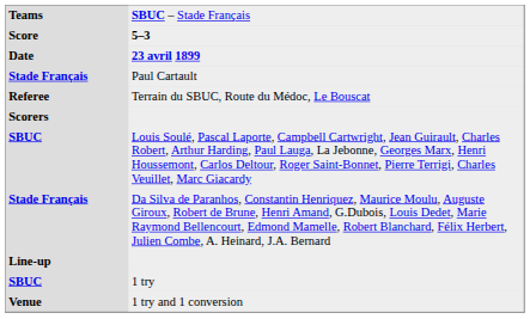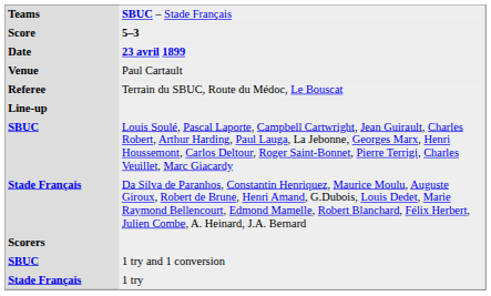 <table align="left" cellpadding="4" cellspacing="0"  style="margin: 0 0 0 0; border: 1px solid #999; border-right-width: 2px; border-bottom-width: 2px; background-color: #DDDDDD">
 <tr>
 <td width="150" valign="top"><strong>Teams</strong></td>
 <td width="500" bgcolor=#EEEEEE><strong><a href='#'>SBUC</a> </strong> – <a href='#'>Stade Français</a></td>
 </tr>
 <tr>
 <td valign="top"><strong>Score</strong></td>
 <td bgcolor=#EEEEEE><strong>5–3</strong></td>
 </tr>
 <tr>
 <td valign="top"><strong>Date</strong></td>
 <td bgcolor=#EEEEEE><strong><a href='#'>23 avril</a> <a href='#'>1899</a></strong></td>
 </tr>
 <tr>
-<td valign="top"><strong><a href='#'>Stade Français</a> </strong></td>
+<td valign="top"><strong>Venue</strong></td>
 <td bgcolor=#EEEEEE>Paul Cartault</td>
 </tr>
 <tr>
 <td valign="top"><strong>Referee</strong></td>
 <td bgcolor=#EEEEEE>Terrain du SBUC, Route du Médoc, <a href='#'>Le Bouscat</a>  </td>
 </tr>
 <tr>
-<td valign="top"><strong>Scorers</strong></td>
+<td valign="top"><strong>Line-up</strong></td>
 <td bgcolor=#EEEEEE></td>
 </tr>
 <tr>
 <td valign="top"><strong><a href='#'>SBUC</a>  </strong></td>
 <td bgcolor=#EEEEEE><a href='#'>Louis Soulé</a>, <a href='#'>Pascal Laporte</a>, <a href='#'>Campbell Cartwright</a>, <a href='#'>Jean Guirault</a>, <a href='#'>Charles Robert</a>, <a href='#'>Arthur Harding</a>, <a href='#'>Paul Lauga</a>, La Jebonne, <a href='#'>Georges Marx</a>, <a href='#'>Henri Houssemont</a>, <a href='#'>Carlos Deltour</a>, <a href='#'>Roger Saint-Bonnet</a>, <a href='#'>Pierre Terrigi</a>, <a href='#'>Charles Veuillet</a>, <a href='#'>Marc Giacardy</a></td>
 </tr>
 <tr>
 <td valign="top"><strong><a href='#'>Stade Français</a> </strong></td>
 <td bgcolor=#EEEEEE><a href='#'>Da Silva de Paranhos</a>, <a href='#'>Constantin Henriquez</a>, <a href='#'>Maurice Moulu</a>, <a href='#'>Auguste Giroux</a>, <a href='#'>Robert de Brune</a>, <a href='#'>Henri Amand</a>, G.Dubois, <a href='#'>Louis Dedet</a>, <a href='#'>Marie Raymond Bellencourt</a>, <a href='#'>Edmond Mamelle</a>, <a href='#'>Robert Blanchard</a>, <a href='#'>Félix Herbert</a>, <a href='#'>Julien Combe</a>, A. Heinard, J.A. Bernard</td>
 </tr>
 <tr>
-<td valign="top"><strong>Line-up</strong></td>
+<td valign="top"><strong>Scorers</strong></td>
 <td bgcolor=#EEEEEE></td>
 </tr>
 <tr>
 <td valign="top"><strong><a href='#'>SBUC</a>   </strong></td>
+<td bgcolor=#EEEEEE>1 try and 1 conversion</td>
+</tr>
+<tr>
+<td valign="top"><strong><a href='#'>Stade Français</a> </strong></td>
 <td bgcolor=#EEEEEE>1 try</td>
 </tr>
-<tr>
-<td valign="top"><strong>Venue</strong></td>
-<td bgcolor=#EEEEEE>1 try and 1 conversion</td>
-</tr>
 </table>
